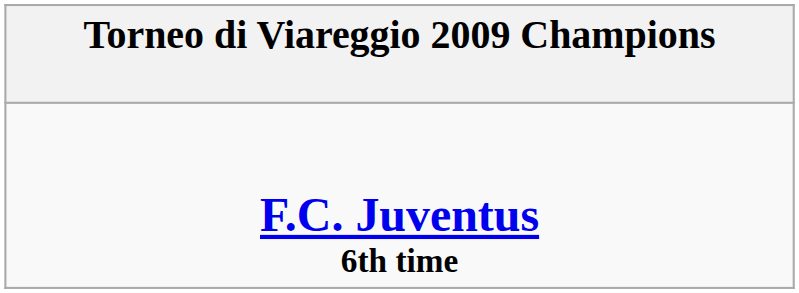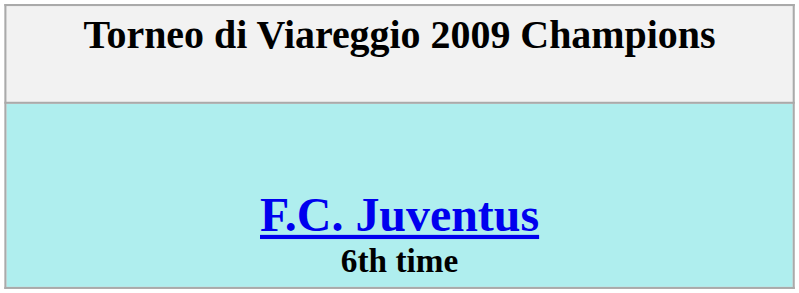 <table class="wikitable" style="margin: 0 auto; width: 30%;">
 <tr>
 <th><big>Torneo di Viareggio 2009 Champions</big><br><br></th>
 </tr>
 <tr>
-<td align=center><br><br><big><big><strong><a href='#'>F.C. Juventus</a></strong><br></big></big><strong>6th time</strong></td>
+<td align=center style="background: paleturquoise;"><br><br><big><big><strong><a href='#'>F.C. Juventus</a></strong><br></big></big><strong>6th time</strong></td>
 </tr>
 </table>
